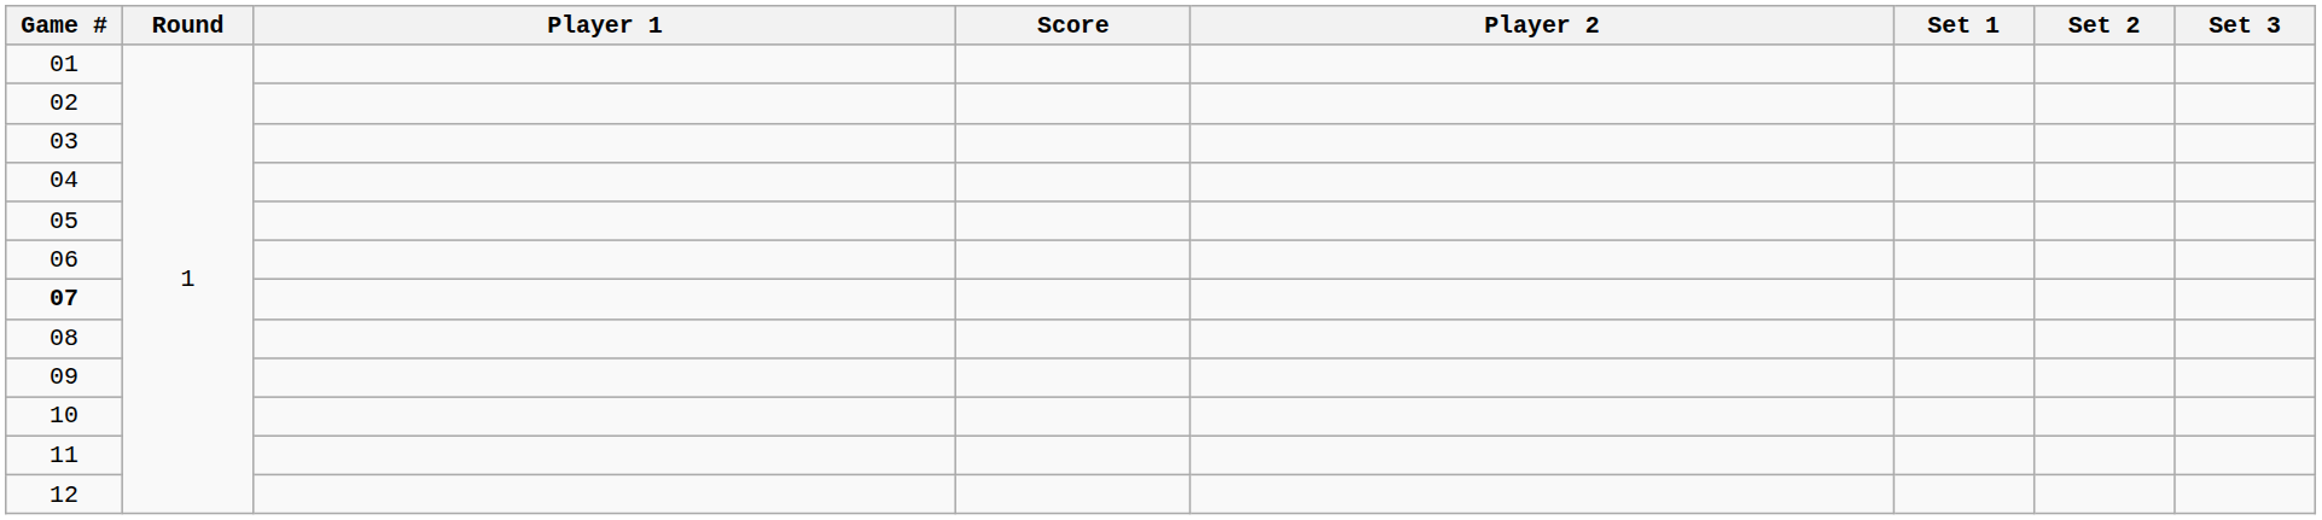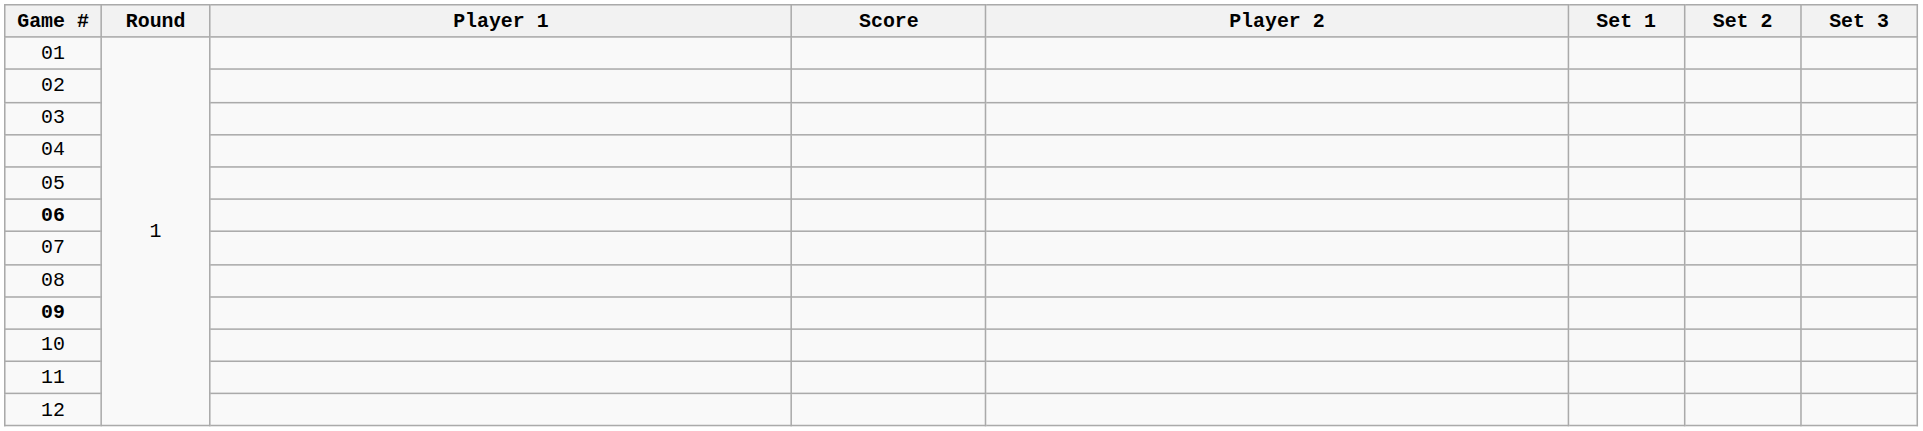 <table class="wikitable">
 <tr>
 <th width="2%">Game #</th>
 <th width="2%">Round</th>
 <th width="15%">Player 1</th>
 <th width="5%">Score</th>
 <th width="15%">Player 2</th>
 <th width="3%">Set 1</th>
 <th width="3%">Set 2</th>
 <th width="3%">Set 3</th>
 </tr>
 <tr style=text-align:center;>
 <td>01</td>
 <td rowspan=12>1</td>
 <td></td>
 <td></td>
 <td></td>
 <td></td>
 <td></td>
 <td></td>
 </tr>
 <tr style=text-align:center;>
 <td>02</td>
 <td></td>
 <td></td>
 <td></td>
 <td></td>
 <td></td>
 <td></td>
 </tr>
 <tr style=text-align:center;>
 <td>03</td>
 <td></td>
 <td></td>
 <td></td>
 <td></td>
 <td></td>
 <td></td>
 </tr>
 <tr style=text-align:center;>
 <td>04</td>
 <td></td>
 <td></td>
 <td></td>
 <td></td>
 <td></td>
 <td></td>
 </tr>
 <tr style=text-align:center;>
 <td>05</td>
 <td></td>
 <td></td>
 <td></td>
 <td></td>
 <td></td>
 <td></td>
 </tr>
 <tr style=text-align:center;>
-<td>06</td>
+<td><strong>06</strong></td>
 <td></td>
 <td></td>
 <td></td>
 <td></td>
 <td></td>
 <td></td>
 </tr>
 <tr style=text-align:center;>
-<td><strong>07</strong></td>
+<td>07</td>
 <td></td>
 <td></td>
 <td></td>
 <td></td>
 <td></td>
 <td></td>
 </tr>
 <tr style=text-align:center;>
 <td>08</td>
 <td></td>
 <td></td>
 <td></td>
 <td></td>
 <td></td>
 <td></td>
 </tr>
 <tr style=text-align:center;>
-<td>09</td>
+<td><strong>09</strong></td>
 <td></td>
 <td></td>
 <td></td>
 <td></td>
 <td></td>
 <td></td>
 </tr>
 <tr style=text-align:center;>
 <td>10</td>
 <td></td>
 <td></td>
 <td></td>
 <td></td>
 <td></td>
 <td></td>
 </tr>
 <tr style=text-align:center;>
 <td>11</td>
 <td></td>
 <td></td>
 <td></td>
 <td></td>
 <td></td>
 <td></td>
 </tr>
 <tr style=text-align:center;>
 <td>12</td>
 <td></td>
 <td></td>
 <td></td>
 <td></td>
 <td></td>
 <td></td>
 </tr>
 </table>
